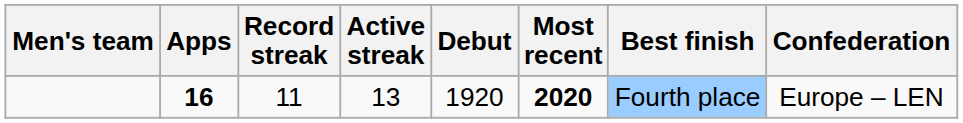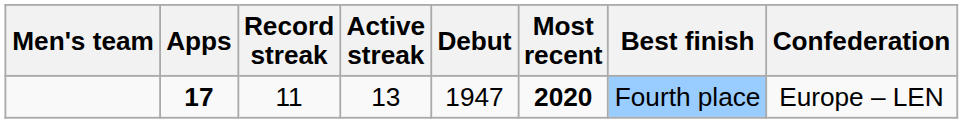 <table class="wikitable" style="text-align: center; font-size: 90%; margin-left: 1em;">
 <tr>
 <th>Men's team</th>
 <th>Apps</th>
 <th>Record<br>streak</th>
 <th>Active<br>streak</th>
 <th>Debut</th>
 <th>Most<br>recent</th>
 <th>Best finish</th>
 <th>Confederation</th>
 </tr>
 <tr>
 <td style="text-align: left;"></td>
-<td><strong>16</strong></td>
+<td><strong>17</strong></td>
 <td>11</td>
 <td>13</td>
-<td>1920</td>
+<td>1947</td>
 <td><strong>2020</strong></td>
 <td style="background-color: #9acdff;">Fourth place</td>
 <td>Europe – LEN</td>
 </tr>
 </table>
